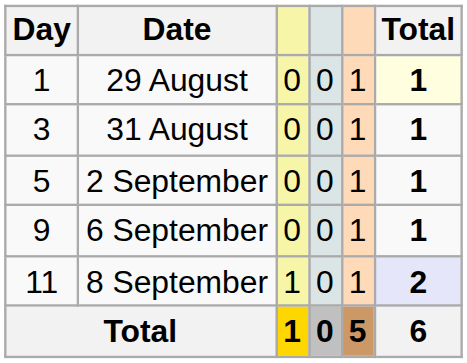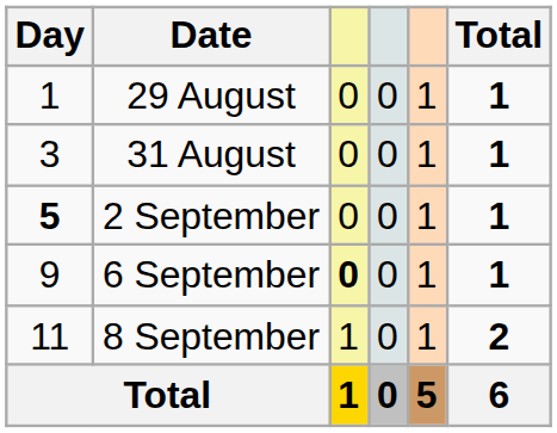 <table class=wikitable style="font-size:85%; float:right; text-align:center">
 <tr>
 <th>Day</th>
 <th>Date</th>
 <td bgcolor=F7F6A8></td>
 <td bgcolor=DCE5E5></td>
 <td bgcolor=FFDAB9></td>
 <th>Total</th>
 </tr>
 <tr>
 <td>1</td>
 <td>29 August</td>
 <td bgcolor=F7F6A8>0</td>
 <td bgcolor=DCE5E5>0</td>
 <td bgcolor=FFDAB9>1</td>
-<td style="background: lightyellow;"><strong>1</strong></td>
+<td><strong>1</strong></td>
 </tr>
 <tr>
 <td>3</td>
 <td>31 August</td>
 <td bgcolor=F7F6A8>0</td>
 <td bgcolor=DCE5E5>0</td>
 <td bgcolor=FFDAB9>1</td>
 <td><strong>1</strong></td>
 </tr>
 <tr>
-<td>5</td>
+<td><strong>5</strong></td>
 <td>2 September</td>
 <td bgcolor=F7F6A8>0</td>
 <td bgcolor=DCE5E5>0</td>
 <td bgcolor=FFDAB9>1</td>
 <td><strong>1</strong></td>
 </tr>
 <tr>
 <td>9</td>
 <td>6 September</td>
-<td bgcolor=F7F6A8>0</td>
+<td bgcolor=F7F6A8><strong>0</strong></td>
 <td bgcolor=DCE5E5>0</td>
 <td bgcolor=FFDAB9>1</td>
 <td><strong>1</strong></td>
 </tr>
 <tr>
 <td>11</td>
 <td>8 September</td>
 <td bgcolor=F7F6A8>1</td>
 <td bgcolor=DCE5E5>0</td>
 <td bgcolor=FFDAB9>1</td>
-<td style="background: lavender;"><strong>2</strong></td>
+<td><strong>2</strong></td>
 </tr>
 <tr>
 <th colspan=2>Total</th>
 <th style=background:gold>1</th>
 <th style=background:silver>0</th>
 <th style=background:#c96>5</th>
 <th>6</th>
 </tr>
 </table>
